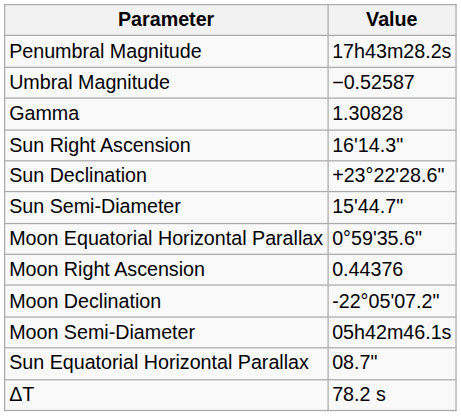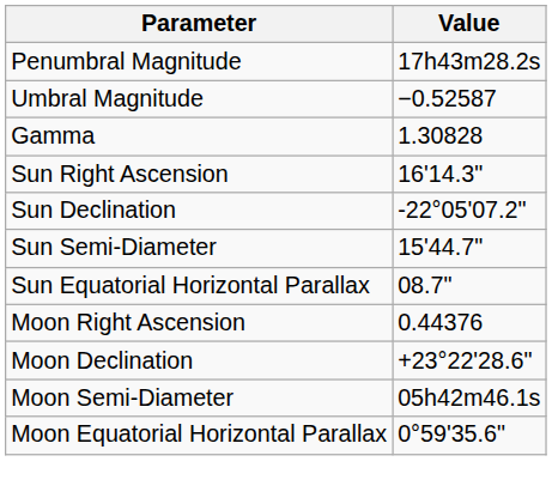 <table class="wikitable">
 <tr>
 <th>Parameter</th>
 <th>Value</th>
 </tr>
 <tr>
 <td>Penumbral Magnitude</td>
 <td>17h43m28.2s</td>
 </tr>
 <tr>
 <td>Umbral Magnitude</td>
 <td>−0.52587</td>
 </tr>
 <tr>
 <td>Gamma</td>
 <td>1.30828</td>
 </tr>
 <tr>
 <td>Sun Right Ascension</td>
 <td>16'14.3"</td>
 </tr>
 <tr>
 <td>Sun Declination</td>
-<td>+23°22'28.6"</td>
+<td>-22°05'07.2"</td>
 </tr>
 <tr>
 <td>Sun Semi-Diameter</td>
 <td>15'44.7"</td>
 </tr>
 <tr>
-<td>Moon Equatorial Horizontal Parallax</td>
-<td>0°59'35.6"</td>
+<td>Sun Equatorial Horizontal Parallax</td>
+<td>08.7"</td>
 </tr>
 <tr>
 <td>Moon Right Ascension</td>
 <td>0.44376</td>
 </tr>
 <tr>
 <td>Moon Declination</td>
-<td>-22°05'07.2"</td>
+<td>+23°22'28.6"</td>
 </tr>
 <tr>
 <td>Moon Semi-Diameter</td>
 <td>05h42m46.1s</td>
 </tr>
 <tr>
-<td>Sun Equatorial Horizontal Parallax</td>
-<td>08.7"</td>
-</tr>
-<tr>
-<td>ΔT</td>
-<td>78.2 s</td>
+<td>Moon Equatorial Horizontal Parallax</td>
+<td>0°59'35.6"</td>
 </tr>
 </table>
